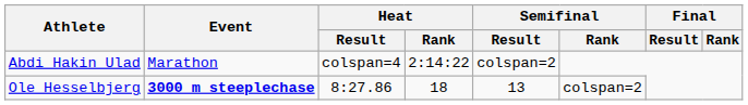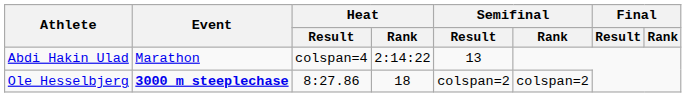 <table class=wikitable style=font-size:90%>
 <tr>
 <th rowspan=2>Athlete</th>
 <th rowspan=2>Event</th>
 <th colspan=2>Heat</th>
 <th colspan=2>Semifinal</th>
 <th colspan=2>Final</th>
 </tr>
 <tr style=font-size:95%>
 <th>Result</th>
 <th>Rank</th>
 <th>Result</th>
 <th>Rank</th>
 <th>Result</th>
 <th>Rank</th>
 </tr>
 <tr align=center>
 <td align=left><a href='#'>Abdi Hakin Ulad</a></td>
 <td align=left><a href='#'>Marathon</a></td>
 <td>colspan=4 </td>
 <td>2:14:22 <strong></strong></td>
-<td>colspan=2 </td>
+<td>13</td>
 </tr>
 <tr align=center>
 <td align=left><a href='#'>Ole Hesselbjerg</a></td>
 <td align=left><strong><a href='#'>3000 m steeplechase</a></strong></td>
 <td>8:27.86 <strong></strong></td>
 <td>18</td>
-<td>13</td>
+<td>colspan=2 </td>
 <td>colspan=2 </td>
 </tr>
 </table>
